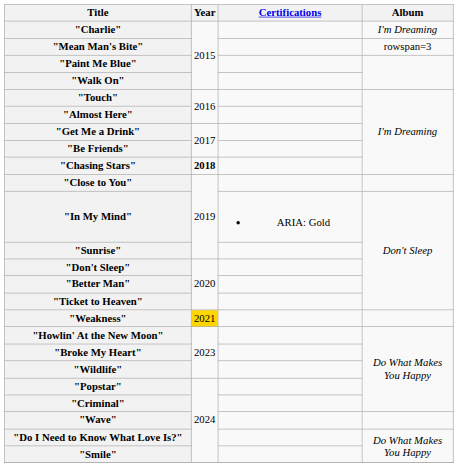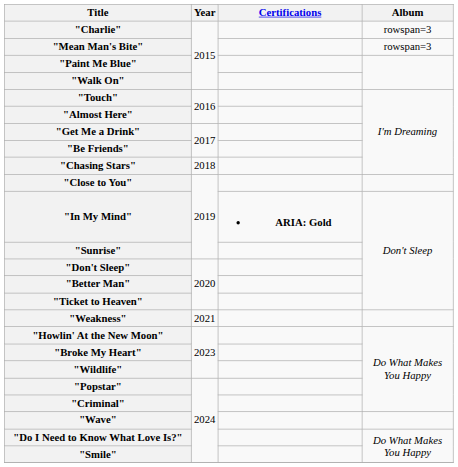 <table class="wikitable plainrowheaders" style="text-align:center;">
 <tr>
 <th scope="col" style="width:17em;">Title</th>
 <th scope="col" style="width:1em;">Year</th>
 <th style="width:13em;"><a href='#'>Certifications</a></th>
 <th scope="col" style="width:8em;">Album</th>
 </tr>
 <tr>
 <th scope="row">"Charlie"</th>
 <td rowspan="4">2015</td>
 <td></td>
-<td><em>I'm Dreaming</em></td>
+<td>rowspan=3 </td>
 </tr>
 <tr>
 <th scope="row">"Mean Man's Bite"<br></th>
 <td></td>
 <td>rowspan=3 </td>
 </tr>
 <tr>
 <th scope="row">"Paint Me Blue"<br></th>
 <td></td>
 </tr>
 <tr>
 <th scope="row">"Walk On"<br></th>
 <td></td>
 </tr>
 <tr>
 <th scope="row">"Touch"<br></th>
 <td rowspan="2">2016</td>
 <td></td>
 <td rowspan="5"><em>I'm Dreaming</em></td>
 </tr>
 <tr>
 <th scope="row">"Almost Here"<br></th>
 </tr>
 <tr>
 <th scope="row">"Get Me a Drink"<br></th>
 <td rowspan="2">2017</td>
 <td></td>
 </tr>
 <tr>
 <th scope="row">"Be Friends"<br></th>
 <td></td>
 </tr>
 <tr>
 <th scope="row">"Chasing Stars"<br></th>
-<td><strong>2018</strong></td>
+<td>2018</td>
 <td></td>
 </tr>
 <tr>
 <th scope="row">"Close to You"<br></th>
 <td rowspan="3">2019</td>
 <td></td>
 <td></td>
 </tr>
 <tr>
 <th scope="row">"In My Mind"<br></th>
-<td><br><ul><li>ARIA: Gold</li></ul></td>
+<td><strong><br><ul><li>ARIA: Gold</li></ul></strong></td>
 <td rowspan="5"><em>Don't Sleep</em></td>
 </tr>
 <tr>
 <th scope="row">"Sunrise"<br></th>
 <td></td>
 </tr>
 <tr>
 <th scope="row">"Don't Sleep"<br></th>
 <td rowspan="3">2020</td>
 <td></td>
 </tr>
 <tr>
 <th scope="row">"Better Man"<br></th>
 <td></td>
 </tr>
 <tr>
 <th scope="row">"Ticket to Heaven"<br></th>
 <td></td>
 </tr>
 <tr>
 <th scope="row">"Weakness"<br></th>
-<td style="background: gold;">2021</td>
+<td>2021</td>
 <td></td>
 <td></td>
 </tr>
 <tr>
 <th scope="row">"Howlin' At the New Moon"<br></th>
 <td rowspan="3">2023</td>
 <td></td>
 <td rowspan="5"><em>Do What Makes You Happy</em></td>
 </tr>
 <tr>
 <th scope="row">"Broke My Heart"<br></th>
 <td></td>
 </tr>
 <tr>
 <th scope="row">"Wildlife"</th>
 <td></td>
 </tr>
 <tr>
 <th scope="row">"Popstar"<br></th>
 <td rowspan="5">2024</td>
 <td></td>
 </tr>
 <tr>
 <th scope="row">"Criminal"<br></th>
 <td></td>
 </tr>
 <tr>
 <th scope="row">"Wave"<br> </th>
 <td></td>
 <td></td>
 </tr>
 <tr>
 <th scope="row">"Do I Need to Know What Love Is?"<br> </th>
 <td></td>
 <td rowspan="2"><em>Do What Makes You Happy</em></td>
 </tr>
 <tr>
 <th scope="row">"Smile"</th>
 <td></td>
 </tr>
 <tr>
 </tr>
 </table>
